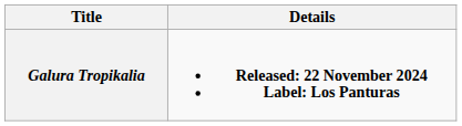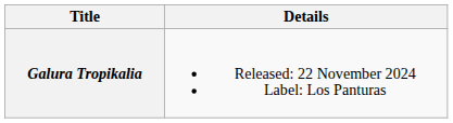 <table class="wikitable plainrowheaders" style="text-align:center;">
 <tr>
 <th scope="col" style="width:10em;">Title</th>
 <th scope="col" style="width:18em;">Details</th>
 </tr>
 <tr>
 <th scope="row"><em>Galura Tropikalia</em></th>
-<td><strong><br><ul><li>Released: 22 November 2024</li><li>Label: Los Panturas</li></ul></strong></td>
+<td><br><ul><li>Released: 22 November 2024</li><li>Label: Los Panturas</li></ul></td>
 </tr>
 </table>
